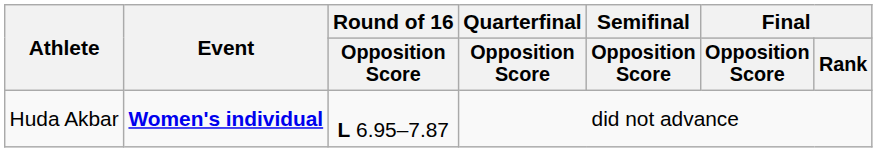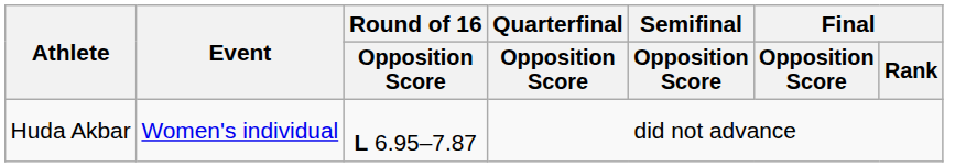 <table class=wikitable style=font-size:90%;text-align:center>
 <tr>
 <th rowspan=2>Athlete</th>
 <th rowspan=2>Event</th>
 <th>Round of 16</th>
 <th>Quarterfinal</th>
 <th>Semifinal</th>
 <th colspan=2>Final</th>
 </tr>
 <tr style=font-size:95%>
 <th>Opposition<br>Score</th>
 <th>Opposition<br>Score</th>
 <th>Opposition<br>Score</th>
 <th>Opposition<br>Score</th>
 <th>Rank</th>
 </tr>
 <tr>
 <td align=left>Huda Akbar</td>
-<td align=left><strong><a href='#'>Women's individual</a></strong></td>
+<td align=left><a href='#'>Women's individual</a></td>
 <td><br><strong>L</strong> 6.95–7.87</td>
 <td colspan=4>did not advance</td>
 </tr>
 </table>
